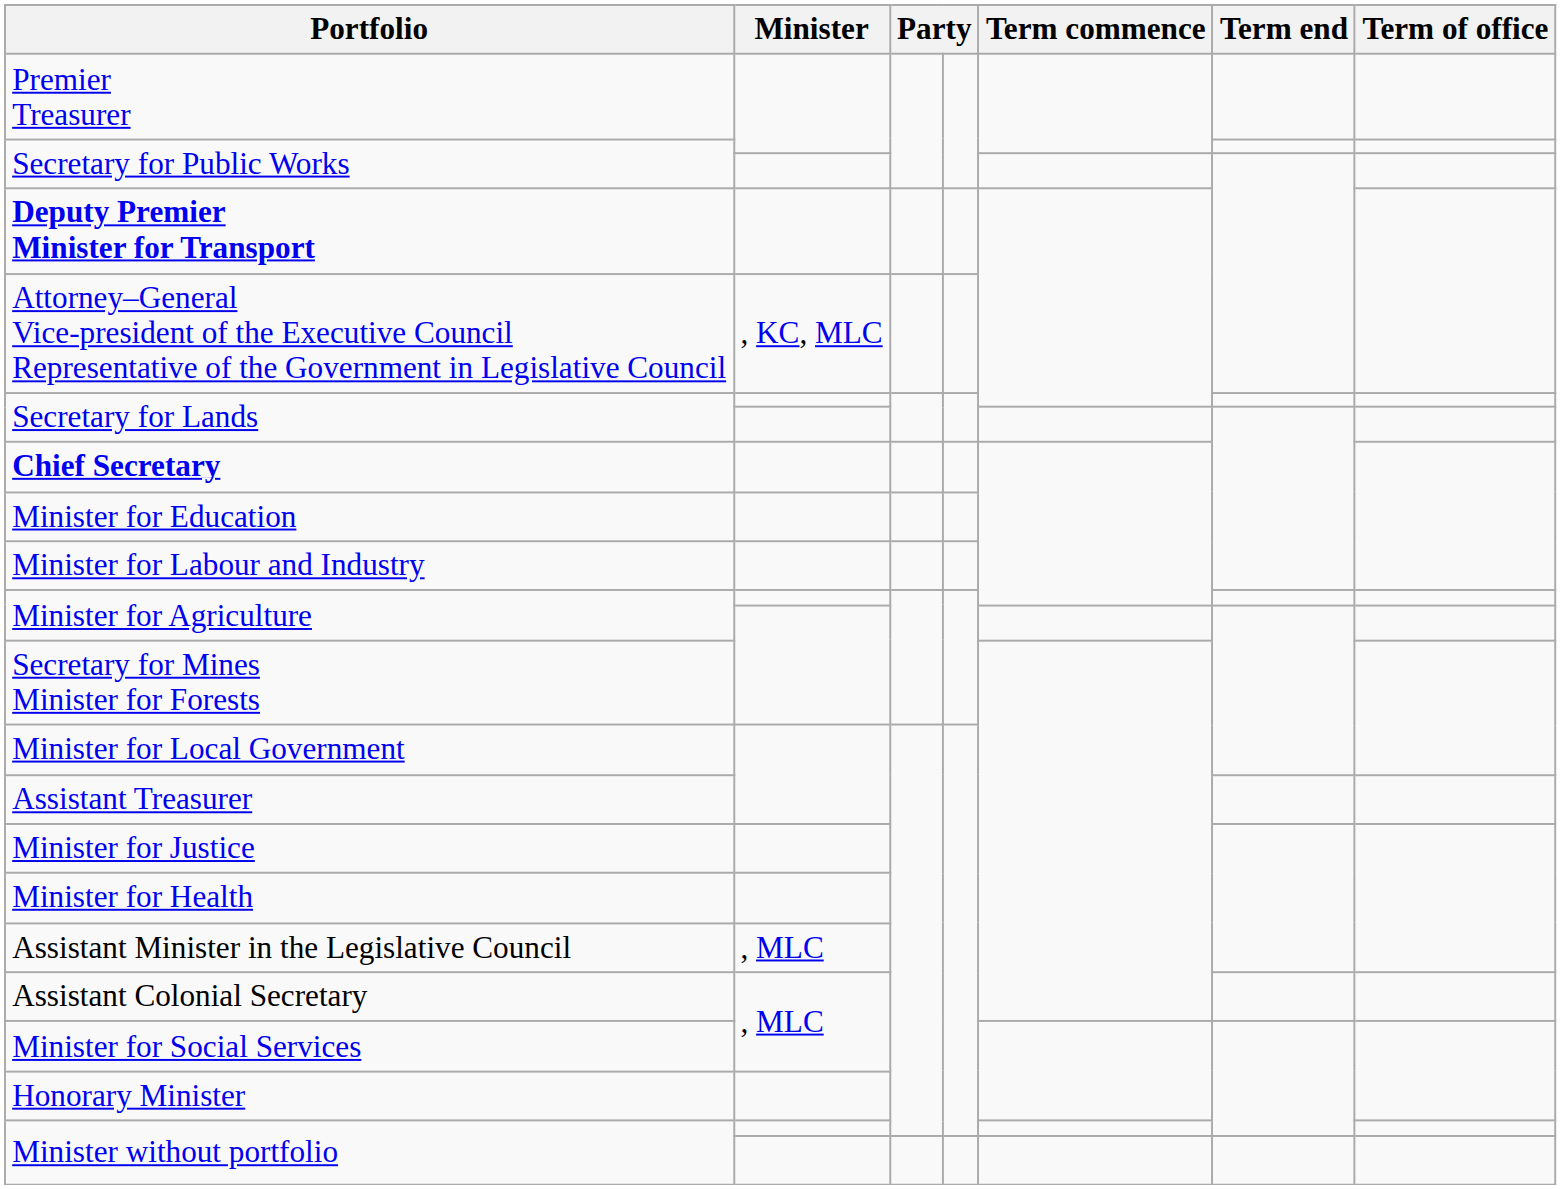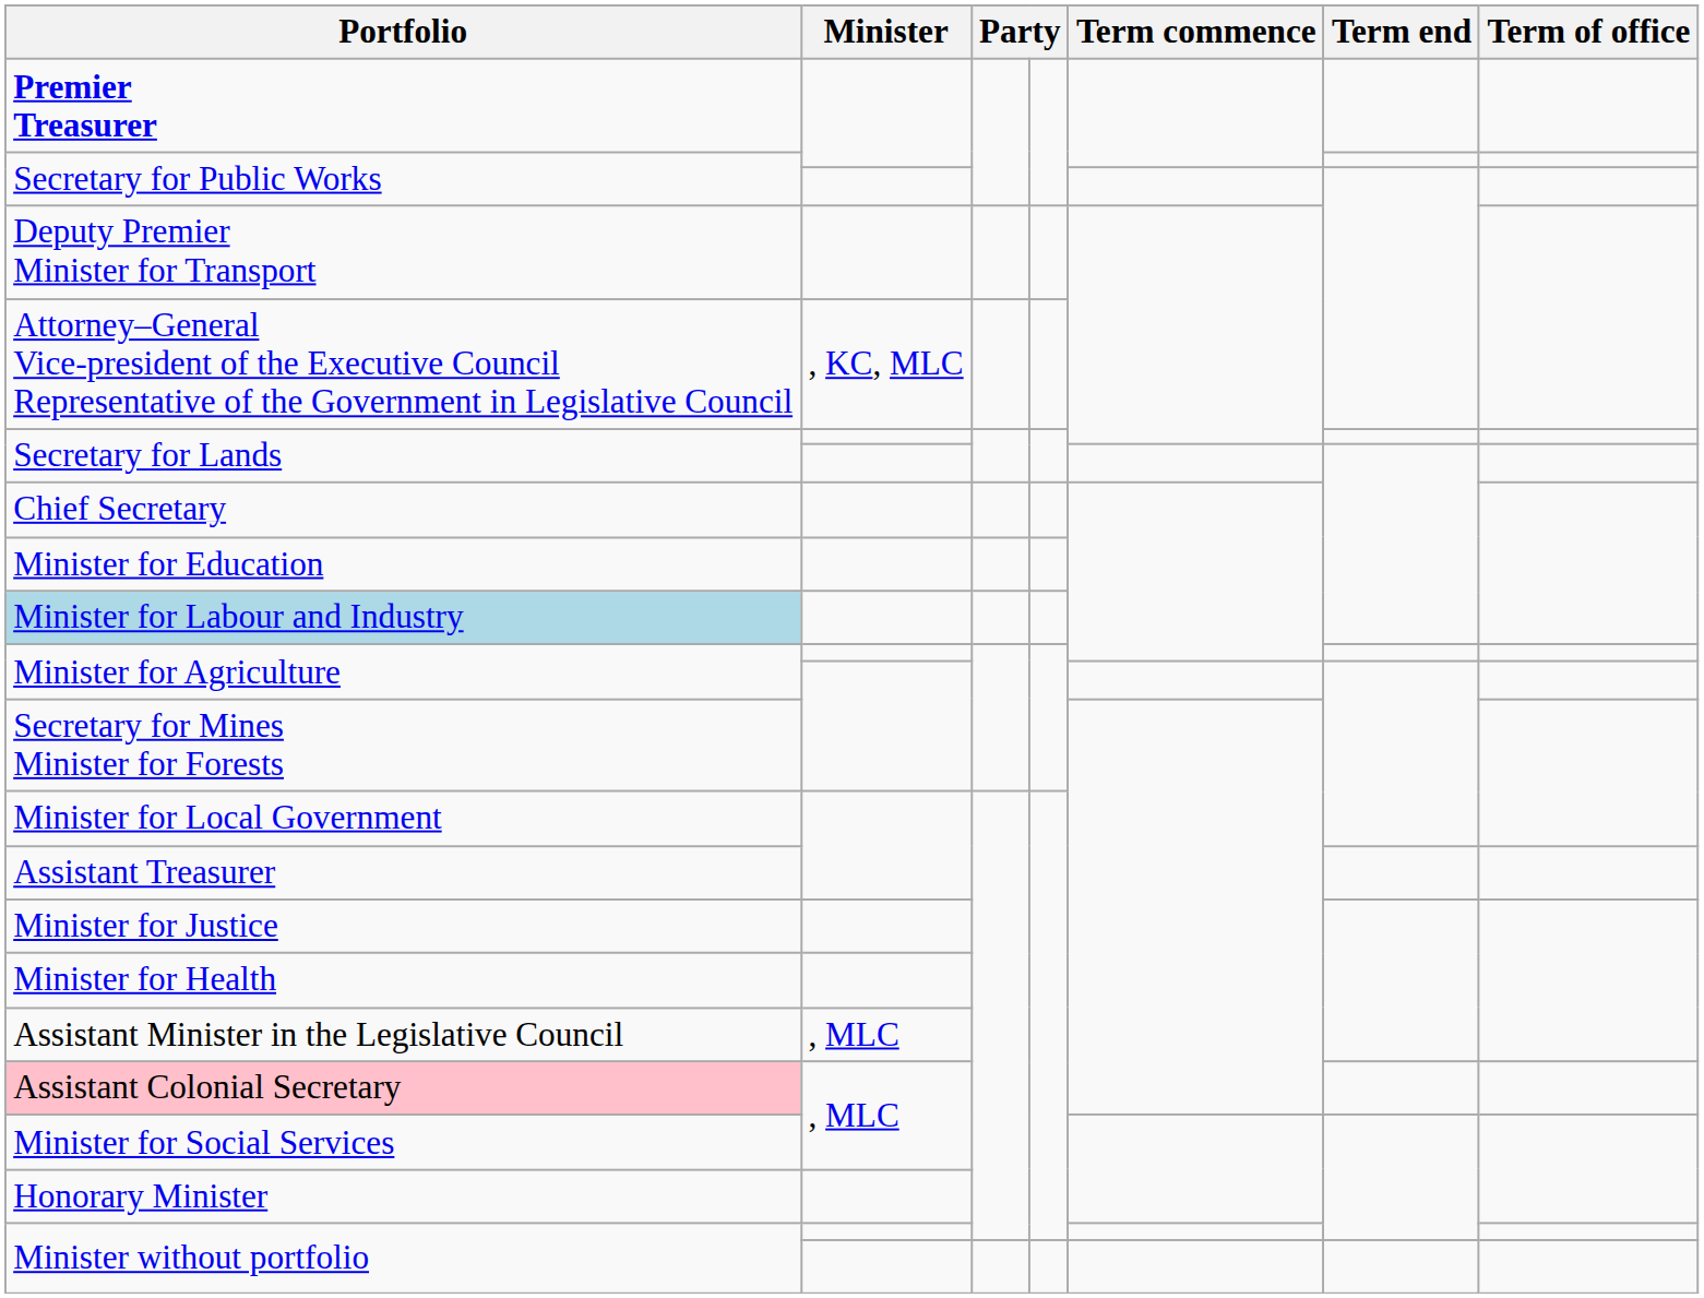 <table class="wikitable sortable">
 <tr>
 <th>Portfolio</th>
 <th>Minister</th>
 <th colspan=2>Party</th>
 <th>Term commence</th>
 <th>Term end</th>
 <th>Term of office</th>
 </tr>
 <tr>
-<td><a href='#'>Premier</a><br><a href='#'>Treasurer</a></td>
+<td><strong><a href='#'>Premier</a><br><a href='#'>Treasurer</a></strong></td>
 <td rowspan=2></td>
 <td rowspan="3" > </td>
 <td rowspan="3"></td>
 <td rowspan=2 align="center"></td>
 <td align="center"></td>
 <td align="right"></td>
 </tr>
 <tr>
 <td rowspan="2"><a href='#'>Secretary for Public Works</a></td>
 <td align="center"></td>
 <td align="right"></td>
 </tr>
 <tr>
 <td></td>
 <td align="center"></td>
 <td rowspan="3" align="center"></td>
 <td align="right"></td>
 </tr>
 <tr>
-<td><strong><a href='#'>Deputy Premier</a><br><a href='#'>Minister for Transport</a></strong></td>
+<td><a href='#'>Deputy Premier</a><br><a href='#'>Minister for Transport</a></td>
 <td></td>
 <td> </td>
 <td></td>
 <td rowspan="3" align="center"></td>
 <td rowspan="2" align="right"></td>
 </tr>
 <tr>
 <td><a href='#'>Attorney–General</a><br><a href='#'>Vice-president of the Executive Council</a><br><a href='#'>Representative of the Government in Legislative Council</a></td>
 <td>, <a href='#'>KC</a>, <a href='#'>MLC</a></td>
 <td> </td>
 <td></td>
 </tr>
 <tr>
 <td rowspan="2"><a href='#'>Secretary for Lands</a></td>
 <td></td>
 <td rowspan="2" > </td>
 <td rowspan="2"></td>
 <td align="center"></td>
 <td align="right"></td>
 </tr>
 <tr>
 <td></td>
 <td align="center"></td>
 <td rowspan="4" align="center"></td>
 <td align="right"></td>
 </tr>
 <tr>
-<td><strong><a href='#'>Chief Secretary</a></strong></td>
+<td><a href='#'>Chief Secretary</a></td>
 <td></td>
 <td> </td>
 <td></td>
 <td rowspan="4" align="center"></td>
 <td rowspan="3" align="right"></td>
 </tr>
 <tr>
 <td><a href='#'>Minister for Education</a></td>
 <td></td>
 <td> </td>
 <td></td>
 </tr>
 <tr>
-<td><a href='#'>Minister for Labour and Industry</a></td>
+<td style="background: lightblue;"><a href='#'>Minister for Labour and Industry</a></td>
 <td></td>
 <td> </td>
 <td></td>
 </tr>
 <tr>
 <td rowspan="2"><a href='#'>Minister for Agriculture</a></td>
 <td></td>
 <td rowspan="3" > </td>
 <td rowspan="3"></td>
 <td align="center"></td>
 <td align="right"></td>
 </tr>
 <tr>
 <td rowspan=2></td>
 <td align="center"></td>
 <td rowspan="3" align="center"></td>
 <td align="right"></td>
 </tr>
 <tr>
 <td><a href='#'>Secretary for Mines</a><br><a href='#'>Minister for Forests</a></td>
 <td rowspan="7" align="center"></td>
 <td rowspan="2" align="right"></td>
 </tr>
 <tr>
 <td><a href='#'>Minister for Local Government</a></td>
 <td rowspan="2"></td>
 <td rowspan="9" > </td>
 <td rowspan="9"></td>
 </tr>
 <tr>
 <td><a href='#'>Assistant Treasurer</a></td>
 <td align="center"></td>
 <td align="right"></td>
 </tr>
 <tr>
 <td><a href='#'>Minister for Justice</a></td>
 <td></td>
 <td rowspan="3" align="center"></td>
 <td rowspan="3" align="right"></td>
 </tr>
 <tr>
 <td><a href='#'>Minister for Health</a></td>
 <td></td>
 </tr>
 <tr>
 <td>Assistant Minister in the Legislative Council</td>
 <td>, <a href='#'>MLC</a></td>
 </tr>
 <tr>
-<td>Assistant Colonial Secretary</td>
+<td style="background: pink;">Assistant Colonial Secretary</td>
 <td rowspan=2>, <a href='#'>MLC</a></td>
 <td align="center"></td>
 <td align="right"></td>
 </tr>
 <tr>
 <td><a href='#'>Minister for Social Services</a></td>
 <td rowspan="2" align="center"></td>
 <td rowspan="3" align="center"></td>
 <td rowspan="2" align="right"></td>
 </tr>
 <tr>
 <td><a href='#'>Honorary Minister</a></td>
 <td></td>
 </tr>
 <tr>
 <td rowspan="2"><a href='#'>Minister without portfolio</a></td>
 <td></td>
 <td align="center"></td>
 <td align="right"></td>
 </tr>
 <tr>
 <td></td>
 <td> </td>
 <td></td>
 <td align="center"></td>
 <td align="center"></td>
 <td align="right"></td>
 </tr>
 </table>
